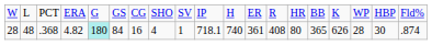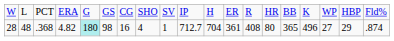 <table class="wikitable">
 <tr>
 <td><a href='#'>W</a></td>
 <td>L</td>
 <td>PCT</td>
 <td><a href='#'>ERA</a></td>
 <td><a href='#'>G</a></td>
 <td><a href='#'>GS</a></td>
 <td><a href='#'>CG</a></td>
 <td><a href='#'>SHO</a></td>
 <td><a href='#'>SV</a></td>
 <td><a href='#'>IP</a></td>
 <td><a href='#'>H</a></td>
 <td><a href='#'>ER</a></td>
 <td><a href='#'>R</a></td>
 <td><a href='#'>HR</a></td>
 <td><a href='#'>BB</a></td>
 <td><a href='#'>K</a></td>
 <td><a href='#'>WP</a></td>
 <td><a href='#'>HBP</a></td>
 <td><a href='#'>Fld%</a></td>
 </tr>
 <tr>
 <td>28</td>
 <td>48</td>
 <td>.368</td>
 <td>4.82</td>
 <td style="background: paleturquoise;">180</td>
-<td>84</td>
+<td>98</td>
 <td>16</td>
 <td>4</td>
 <td>1</td>
-<td>718.1</td>
-<td>740</td>
+<td>712.7</td>
+<td>704</td>
 <td>361</td>
 <td>408</td>
 <td>80</td>
 <td>365</td>
-<td>626</td>
-<td>28</td>
-<td>30</td>
+<td>496</td>
+<td>27</td>
+<td>29</td>
 <td>.874</td>
 </tr>
 </table>
